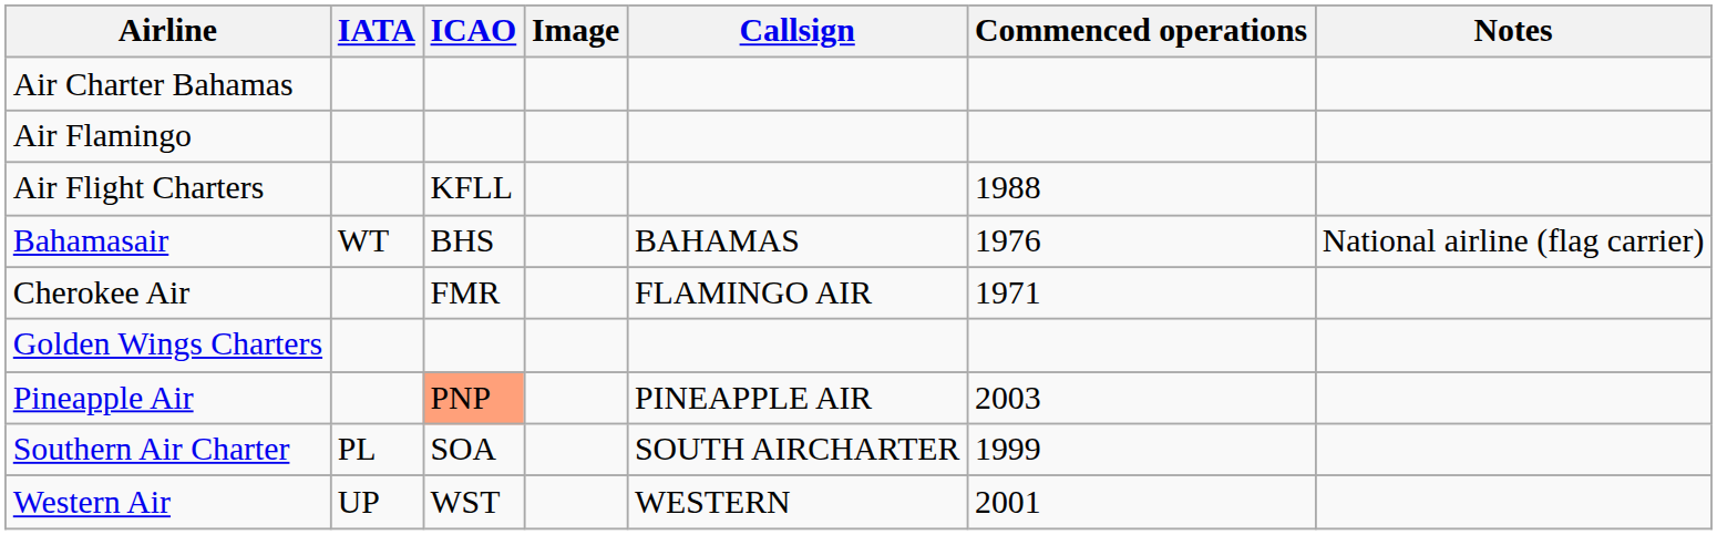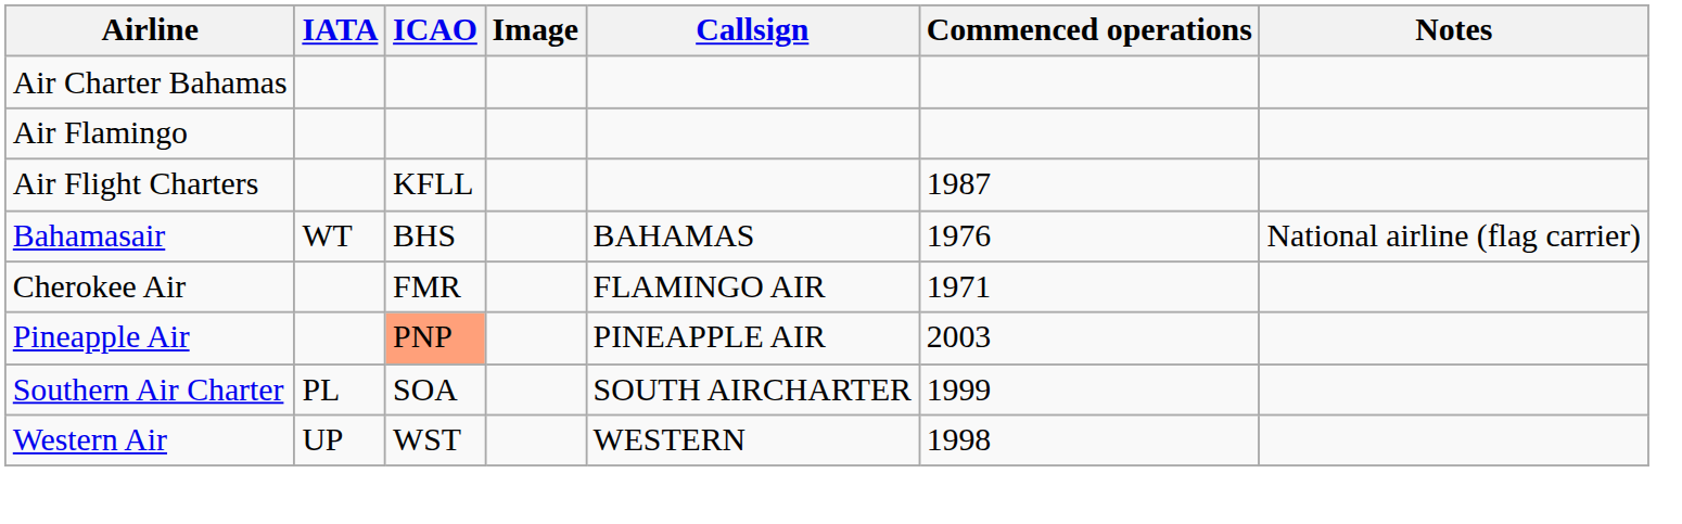 <table class="wikitable sortable" style="border: 0; cellpadding: 2; cellspacing: 3;">
 <tr valign="middle">
 <th>Airline</th>
 <th><a href='#'>IATA</a></th>
 <th><a href='#'>ICAO</a></th>
 <th>Image</th>
 <th><a href='#'>Callsign</a></th>
 <th>Commenced operations</th>
 <th class="unsortable">Notes</th>
 </tr>
 <tr>
 <td>Air Charter Bahamas</td>
 <td></td>
 <td></td>
 <td></td>
 <td></td>
 <td></td>
 <td></td>
 </tr>
 <tr>
 <td>Air Flamingo</td>
 <td></td>
 <td></td>
 <td></td>
 <td></td>
 <td></td>
 <td></td>
 </tr>
 <tr>
 <td>Air Flight Charters</td>
 <td></td>
 <td>KFLL</td>
 <td></td>
 <td></td>
-<td>1988</td>
+<td>1987</td>
 <td></td>
 </tr>
 <tr>
 <td><a href='#'>Bahamasair</a></td>
 <td>WT</td>
 <td>BHS</td>
 <td></td>
 <td>BAHAMAS</td>
 <td>1976</td>
 <td>National airline (flag carrier)</td>
 </tr>
 <tr>
 <td>Cherokee Air</td>
 <td></td>
 <td>FMR</td>
 <td></td>
 <td>FLAMINGO AIR</td>
 <td>1971</td>
-<td></td>
-</tr>
-<tr>
-<td><a href='#'>Golden Wings Charters</a></td>
-<td></td>
-<td></td>
-<td></td>
-<td></td>
-<td></td>
 <td></td>
 </tr>
 <tr>
 <td><a href='#'>Pineapple Air</a></td>
 <td></td>
 <td style="background: lightsalmon;">PNP</td>
 <td></td>
 <td>PINEAPPLE AIR</td>
 <td>2003</td>
 <td></td>
 </tr>
 <tr>
 <td><a href='#'>Southern Air Charter</a></td>
 <td>PL</td>
 <td>SOA</td>
 <td></td>
 <td>SOUTH AIRCHARTER</td>
 <td>1999</td>
 <td></td>
 </tr>
 <tr>
 <td><a href='#'>Western Air</a></td>
 <td>UP</td>
 <td>WST</td>
 <td></td>
 <td>WESTERN</td>
-<td>2001</td>
+<td>1998</td>
 <td></td>
 </tr>
 </table>
